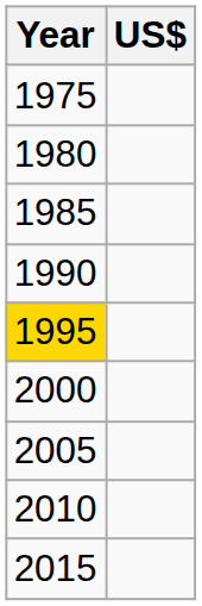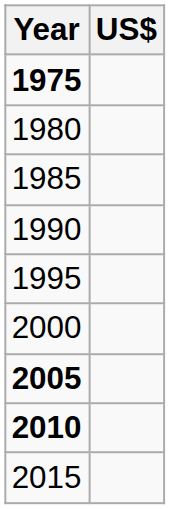 <table class="wikitable"  style="float:right; text-align:right">
 <tr>
 <th>Year</th>
 <th>US$</th>
 </tr>
 <tr>
-<td>1975</td>
+<td><strong>1975</strong></td>
 <td></td>
 </tr>
 <tr>
 <td>1980</td>
 <td></td>
 </tr>
 <tr>
 <td>1985</td>
 <td></td>
 </tr>
 <tr>
 <td>1990</td>
 <td></td>
 </tr>
 <tr>
-<td style="background: gold;">1995</td>
+<td>1995</td>
 <td></td>
 </tr>
 <tr>
 <td>2000</td>
 <td></td>
 </tr>
 <tr>
-<td>2005</td>
+<td><strong>2005</strong></td>
 <td></td>
 </tr>
 <tr>
-<td>2010</td>
+<td><strong>2010</strong></td>
 <td></td>
 </tr>
 <tr>
 <td>2015</td>
 <td></td>
 </tr>
 </table>
